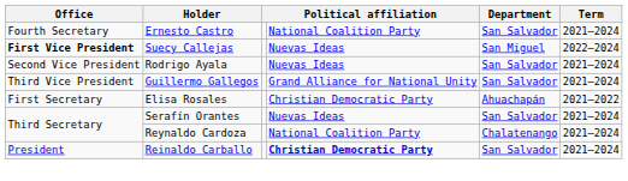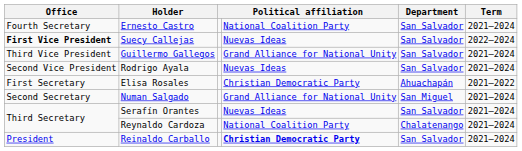 <table class="wikitable">
 <tr>
 <th>Office</th>
 <th>Holder</th>
 <th colspan="2">Political affiliation</th>
 <th>Department</th>
 <th>Term</th>
 </tr>
 <tr>
 <td>Fourth Secretary</td>
 <td><a href='#'>Ernesto Castro</a></td>
 <td style="background:"></td>
 <td><a href='#'>National Coalition Party</a></td>
 <td><a href='#'>San Salvador</a></td>
 <td>2021–2024</td>
 </tr>
 <tr>
 <td><strong>First Vice President</strong></td>
 <td><a href='#'>Suecy Callejas</a></td>
 <td style="background:"></td>
 <td><a href='#'>Nuevas Ideas</a></td>
-<td><a href='#'>San Miguel</a></td>
+<td><a href='#'>San Salvador</a></td>
 <td>2022–2024</td>
+</tr>
+<tr>
+<td>Third Vice President</td>
+<td><a href='#'>Guillermo Gallegos</a></td>
+<td style="background:"></td>
+<td><a href='#'>Grand Alliance for National Unity</a></td>
+<td><a href='#'>San Salvador</a></td>
+<td>2021–2024</td>
 </tr>
 <tr>
 <td>Second Vice President</td>
 <td>Rodrigo Ayala</td>
 <td style="background:"></td>
 <td><a href='#'>Nuevas Ideas</a></td>
 <td><a href='#'>San Salvador</a></td>
 <td>2021–2024</td>
 </tr>
 <tr>
-<td>Third Vice President</td>
-<td><a href='#'>Guillermo Gallegos</a></td>
-<td style="background:"></td>
-<td><a href='#'>Grand Alliance for National Unity</a></td>
-<td><a href='#'>San Salvador</a></td>
-<td>2021–2024</td>
-</tr>
-<tr>
 <td>First Secretary</td>
 <td>Elisa Rosales</td>
 <td style="background:"></td>
 <td><a href='#'>Christian Democratic Party</a></td>
 <td><a href='#'>Ahuachapán</a></td>
 <td>2021–2022</td>
+</tr>
+<tr>
+<td>Second Secretary</td>
+<td><a href='#'>Numan Salgado</a></td>
+<td style="background:"></td>
+<td><a href='#'>Grand Alliance for National Unity</a></td>
+<td><a href='#'>San Miguel</a></td>
+<td>2021–2024</td>
 </tr>
 <tr>
 <td rowspan="2">Third Secretary</td>
 <td>Serafín Orantes</td>
 <td style="background:"></td>
 <td><a href='#'>Nuevas Ideas</a></td>
 <td><a href='#'>San Salvador</a></td>
 <td>2021–2024</td>
 </tr>
 <tr>
 <td>Reynaldo Cardoza</td>
 <td style="background:"></td>
 <td><a href='#'>National Coalition Party</a></td>
 <td><a href='#'>Chalatenango</a></td>
 <td>2021–2024</td>
 </tr>
 <tr>
 <td><a href='#'>President</a></td>
 <td><a href='#'>Reinaldo Carballo</a></td>
 <td style="background:"></td>
 <td><strong><a href='#'>Christian Democratic Party</a></strong></td>
 <td><a href='#'>San Salvador</a></td>
 <td>2021–2024</td>
 </tr>
 </table>
